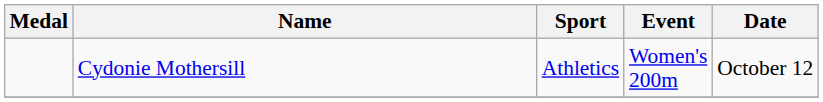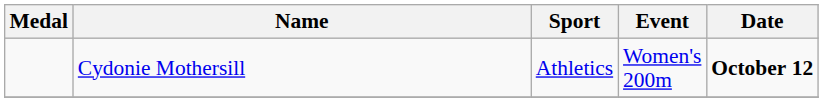 <table class="wikitable sortable">
 <tr>
 <th>Medal</th>
 <th width=350px>Name</th>
 <th>Sport</th>
 <th>Event</th>
 <th>Date</th>
 </tr>
 <tr>
 <td></td>
 <td><a href='#'>Cydonie Mothersill</a></td>
 <td><a href='#'>Athletics</a></td>
 <td><a href='#'>Women's 200m</a></td>
-<td>October 12</td>
+<td><strong>October 12</strong></td>
 </tr>
 <tr>
 </tr>
 </table>
